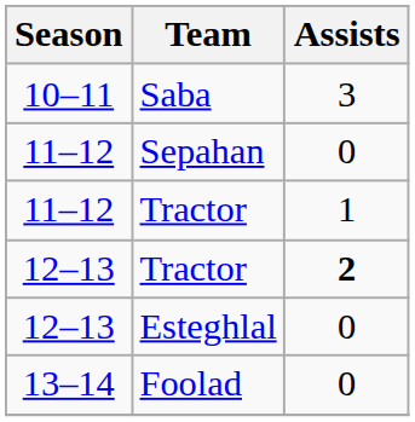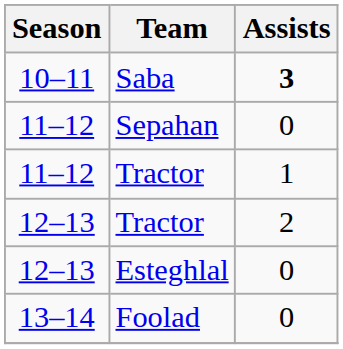 <table class="wikitable" style="text-align: center;">
 <tr>
 <th>Season</th>
 <th>Team</th>
 <th>Assists</th>
 </tr>
 <tr>
 <td><a href='#'>10–11</a></td>
 <td align="left"><a href='#'>Saba</a></td>
-<td>3</td>
+<td><strong>3</strong></td>
 </tr>
 <tr>
 <td><a href='#'>11–12</a></td>
 <td align="left"><a href='#'>Sepahan</a></td>
 <td>0</td>
 </tr>
 <tr>
 <td><a href='#'>11–12</a></td>
 <td align="left"><a href='#'>Tractor</a></td>
 <td>1</td>
 </tr>
 <tr>
 <td><a href='#'>12–13</a></td>
 <td align="left"><a href='#'>Tractor</a></td>
-<td><strong>2</strong></td>
+<td>2</td>
 </tr>
 <tr>
 <td><a href='#'>12–13</a></td>
 <td align="left"><a href='#'>Esteghlal</a></td>
 <td>0</td>
 </tr>
 <tr>
 <td><a href='#'>13–14</a></td>
 <td align="left"><a href='#'>Foolad</a></td>
 <td>0</td>
 </tr>
 <tr>
 </tr>
 </table>
